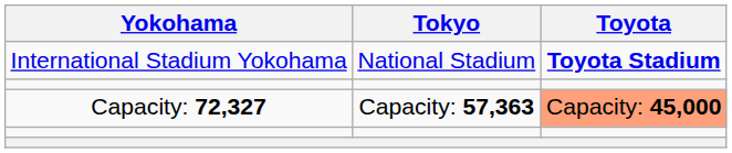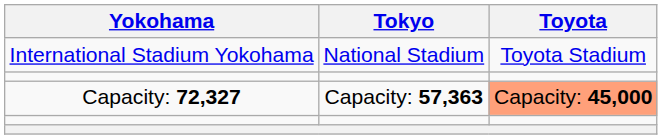 <table class="wikitable" style="text-align:center">
 <tr>
 <th><a href='#'>Yokohama</a></th>
 <th><a href='#'>Tokyo</a></th>
 <th><a href='#'>Toyota</a></th>
 </tr>
 <tr>
 <td><a href='#'>International Stadium Yokohama</a></td>
 <td><a href='#'>National Stadium</a></td>
-<td><strong><a href='#'>Toyota Stadium</a></strong></td>
+<td><a href='#'>Toyota Stadium</a></td>
 </tr>
 <tr>
 <td><small></small></td>
 <td><small></small></td>
 <td><small></small></td>
 </tr>
 <tr>
 <td>Capacity: <strong>72,327</strong></td>
 <td>Capacity: <strong>57,363</strong></td>
 <td style="background: lightsalmon;">Capacity: <strong>45,000</strong></td>
 </tr>
 <tr>
 <td></td>
 <td></td>
 <td></td>
 </tr>
 <tr>
 <th rowspan=1 colspan=5></th>
 </tr>
 </table>
